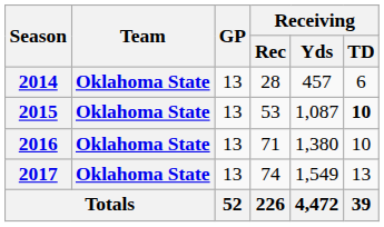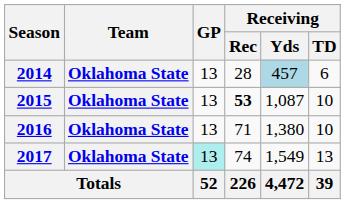 <table class="wikitable" style="text-align:center;">
 <tr>
 <th rowspan="2">Season</th>
 <th rowspan="2">Team</th>
 <th rowspan="2">GP</th>
 <th colspan="3">Receiving</th>
 </tr>
 <tr>
 <th>Rec</th>
 <th>Yds</th>
 <th>TD</th>
 </tr>
 <tr>
 <th><a href='#'>2014</a></th>
 <th><a href='#'>Oklahoma State</a></th>
 <td>13</td>
 <td>28</td>
-<td>457</td>
+<td style="background: lightblue;">457</td>
 <td>6</td>
 </tr>
 <tr>
 <th><a href='#'>2015</a></th>
 <th><a href='#'>Oklahoma State</a></th>
 <td>13</td>
-<td>53</td>
+<td><strong>53</strong></td>
 <td>1,087</td>
-<td><strong>10</strong></td>
+<td>10</td>
 </tr>
 <tr>
 <th><a href='#'>2016</a></th>
 <th><a href='#'>Oklahoma State</a></th>
 <td>13</td>
 <td>71</td>
 <td>1,380</td>
 <td>10</td>
 </tr>
 <tr>
 <th><a href='#'>2017</a></th>
 <th><a href='#'>Oklahoma State</a></th>
-<td>13</td>
+<td style="background: paleturquoise;">13</td>
 <td>74</td>
 <td>1,549</td>
 <td>13</td>
 </tr>
 <tr>
 <th colspan="2">Totals</th>
 <th>52</th>
 <th>226</th>
 <th>4,472</th>
 <th>39</th>
 </tr>
 </table>
